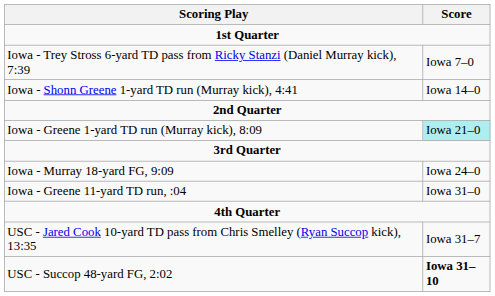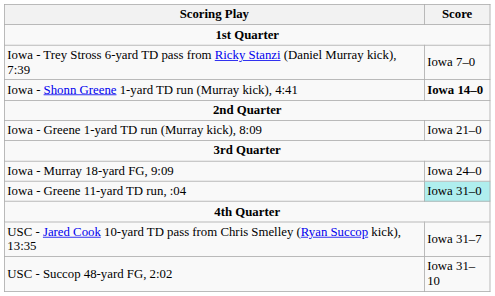 <table class="wikitable">
 <tr>
 <th>Scoring Play</th>
 <th>Score</th>
 </tr>
 <tr>
 <td colspan="4" align="center"><strong>1st Quarter</strong></td>
 </tr>
 <tr>
 <td>Iowa - Trey Stross 6-yard TD pass from <a href='#'>Ricky Stanzi</a> (Daniel Murray kick), 7:39</td>
 <td>Iowa 7–0</td>
 </tr>
 <tr>
 <td>Iowa - <a href='#'>Shonn Greene</a> 1-yard TD run (Murray kick), 4:41</td>
-<td>Iowa 14–0</td>
+<td><strong>Iowa 14–0</strong></td>
 </tr>
 <tr>
 <td colspan="4" align="center"><strong>2nd Quarter</strong></td>
 </tr>
 <tr>
 <td>Iowa - Greene 1-yard TD run (Murray kick), 8:09</td>
-<td style="background: paleturquoise;">Iowa 21–0</td>
+<td>Iowa 21–0</td>
 </tr>
 <tr>
 <td colspan="4" align="center"><strong>3rd Quarter</strong></td>
 </tr>
 <tr>
 <td>Iowa - Murray 18-yard FG, 9:09</td>
 <td>Iowa 24–0</td>
 </tr>
 <tr>
 <td>Iowa - Greene 11-yard TD run, :04</td>
-<td>Iowa 31–0</td>
+<td style="background: paleturquoise;">Iowa 31–0</td>
 </tr>
 <tr>
 <td colspan="4" align="center"><strong>4th Quarter</strong></td>
 </tr>
 <tr>
 <td>USC - <a href='#'>Jared Cook</a> 10-yard TD pass from Chris Smelley (<a href='#'>Ryan Succop</a> kick), 13:35</td>
 <td>Iowa 31–7</td>
 </tr>
 <tr>
 <td>USC - Succop 48-yard FG, 2:02</td>
-<td><strong>Iowa 31–10</strong></td>
+<td>Iowa 31–10</td>
 </tr>
 </table>
